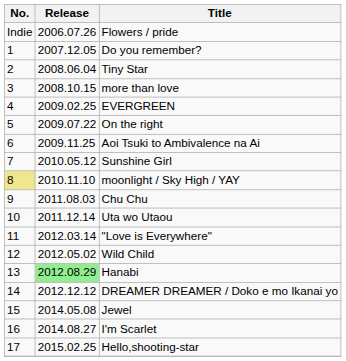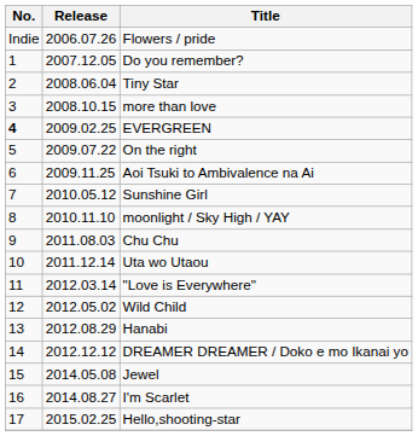 <table class="wikitable">
 <tr>
 <th>No.</th>
 <th>Release</th>
 <th>Title</th>
 </tr>
 <tr>
 <td>Indie</td>
 <td>2006.07.26</td>
 <td>Flowers / pride</td>
 </tr>
 <tr>
 <td>1</td>
 <td>2007.12.05</td>
 <td>Do you remember?</td>
 </tr>
 <tr>
 <td>2</td>
 <td>2008.06.04</td>
 <td>Tiny Star</td>
 </tr>
 <tr>
 <td>3</td>
 <td>2008.10.15</td>
 <td>more than love</td>
 </tr>
 <tr>
-<td>4</td>
+<td><strong>4</strong></td>
 <td>2009.02.25</td>
 <td>EVERGREEN</td>
 </tr>
 <tr>
 <td>5</td>
 <td>2009.07.22</td>
 <td>On the right</td>
 </tr>
 <tr>
 <td>6</td>
 <td>2009.11.25</td>
 <td>Aoi Tsuki to Ambivalence na Ai</td>
 </tr>
 <tr>
 <td>7</td>
 <td>2010.05.12</td>
 <td>Sunshine Girl</td>
 </tr>
 <tr>
-<td style="background: khaki;">8</td>
+<td>8</td>
 <td>2010.11.10</td>
 <td>moonlight / Sky High / YAY</td>
 </tr>
 <tr>
 <td>9</td>
 <td>2011.08.03</td>
 <td>Chu Chu</td>
 </tr>
 <tr>
 <td>10</td>
 <td>2011.12.14</td>
 <td>Uta wo Utaou</td>
 </tr>
 <tr>
 <td>11</td>
 <td>2012.03.14</td>
 <td>"Love is Everywhere"</td>
 </tr>
 <tr>
 <td>12</td>
 <td>2012.05.02</td>
 <td>Wild Child</td>
 </tr>
 <tr>
 <td>13</td>
-<td style="background: lightgreen;">2012.08.29</td>
+<td>2012.08.29</td>
 <td>Hanabi</td>
 </tr>
 <tr>
 <td>14</td>
 <td>2012.12.12</td>
 <td>DREAMER DREAMER / Doko e mo Ikanai yo</td>
 </tr>
 <tr>
 <td>15</td>
 <td>2014.05.08</td>
 <td>Jewel</td>
 </tr>
 <tr>
 <td>16</td>
 <td>2014.08.27</td>
 <td>I'm Scarlet</td>
 </tr>
 <tr>
 <td>17</td>
 <td>2015.02.25</td>
 <td>Hello,shooting-star</td>
 </tr>
 <tr>
 </tr>
 </table>
